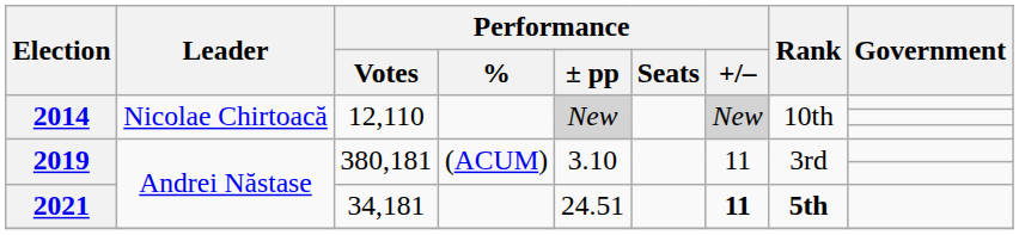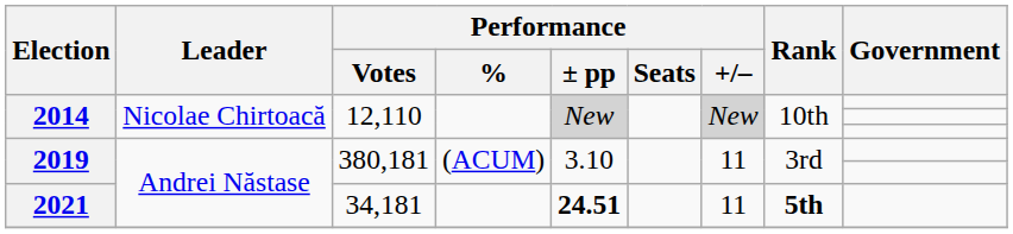 <table class=wikitable style=text-align:center>
 <tr>
 <th rowspan="2"><strong>Election</strong></th>
 <th rowspan="2">Leader</th>
 <th colspan="5" scope="col">Performance</th>
 <th rowspan="2">Rank</th>
 <th rowspan="2">Government</th>
 </tr>
 <tr>
 <th><strong>Votes</strong></th>
 <th><strong>%</strong></th>
 <th><strong>± pp</strong></th>
 <th><strong>Seats</strong></th>
 <th><strong>+/–</strong></th>
 </tr>
 <tr>
 <th rowspan="3"><a href='#'>2014</a></th>
 <td rowspan="3"><a href='#'>Nicolae Chirtoacă</a></td>
 <td rowspan="3">12,110</td>
 <td rowspan="3"></td>
 <td rowspan="3" bgcolor="lightgrey"><em>New</em></td>
 <td rowspan="3"></td>
 <td rowspan="3" bgcolor="lightgrey"><em>New</em></td>
 <td rowspan="3">10th</td>
 <td></td>
 </tr>
 <tr>
 <td></td>
 </tr>
 <tr>
 <td></td>
 </tr>
 <tr>
 <th rowspan="2"><a href='#'>2019</a></th>
 <td rowspan="3"><a href='#'>Andrei Năstase</a></td>
 <td rowspan="2">380,181</td>
 <td rowspan="2">(<a href='#'>ACUM</a>)</td>
 <td rowspan="2"> 3.10</td>
 <td rowspan="2"></td>
 <td rowspan="2"> 11</td>
 <td rowspan="2">3rd</td>
 <td></td>
 </tr>
 <tr>
 <td></td>
 </tr>
 <tr>
 <th><a href='#'>2021</a></th>
 <td>34,181</td>
 <td></td>
-<td> 24.51</td>
+<td><strong> 24.51</strong></td>
 <td></td>
-<td><strong> 11</strong></td>
+<td> 11</td>
 <td><strong>5th</strong></td>
 <td></td>
 </tr>
 <tr>
 </tr>
 </table>
